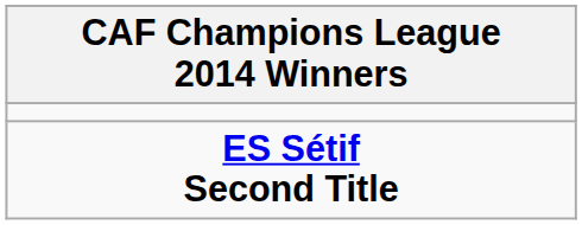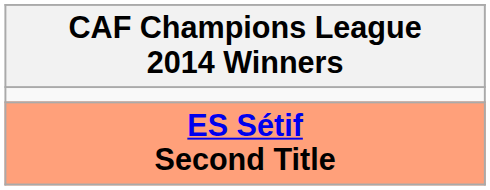 <table class="wikitable" style="text-align: center; margin: 0 auto; width: 20%">
 <tr>
 <th>CAF Champions League<br>2014 Winners</th>
 </tr>
 <tr>
 <td></td>
 </tr>
 <tr>
-<td><strong><a href='#'>ES Sétif</a></strong><br><strong>Second Title</strong></td>
+<td style="background: lightsalmon;"><strong><a href='#'>ES Sétif</a></strong><br><strong>Second Title</strong></td>
 </tr>
 </table>
